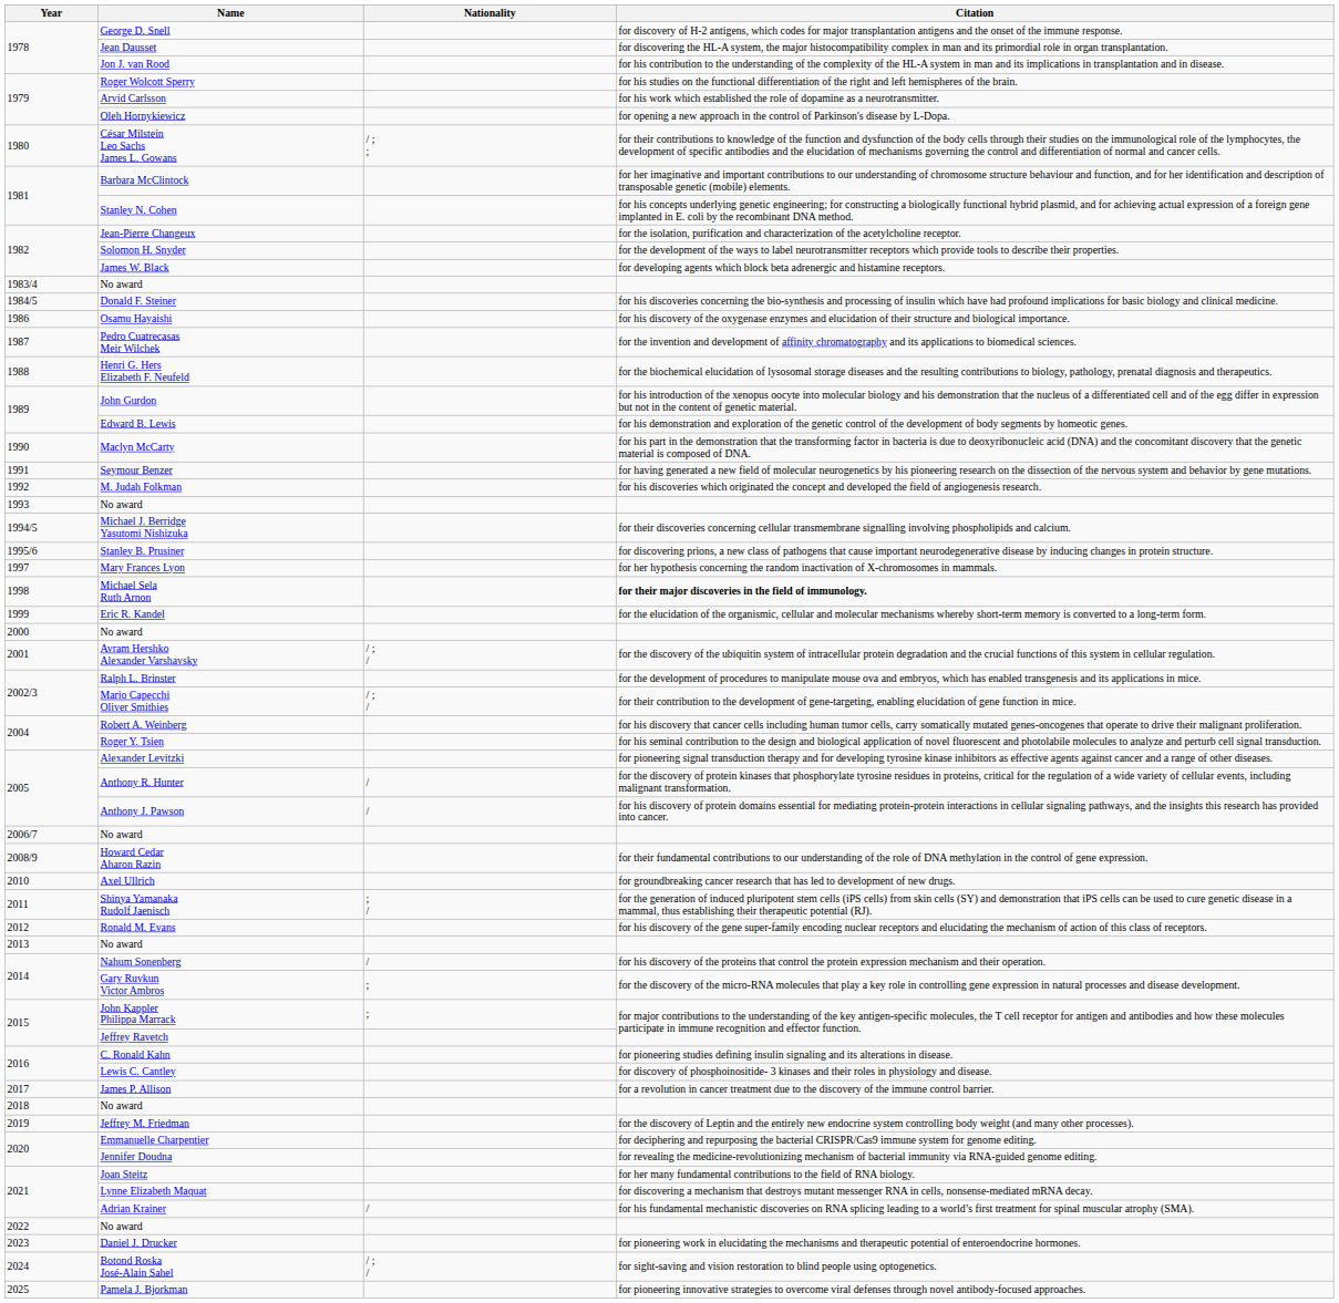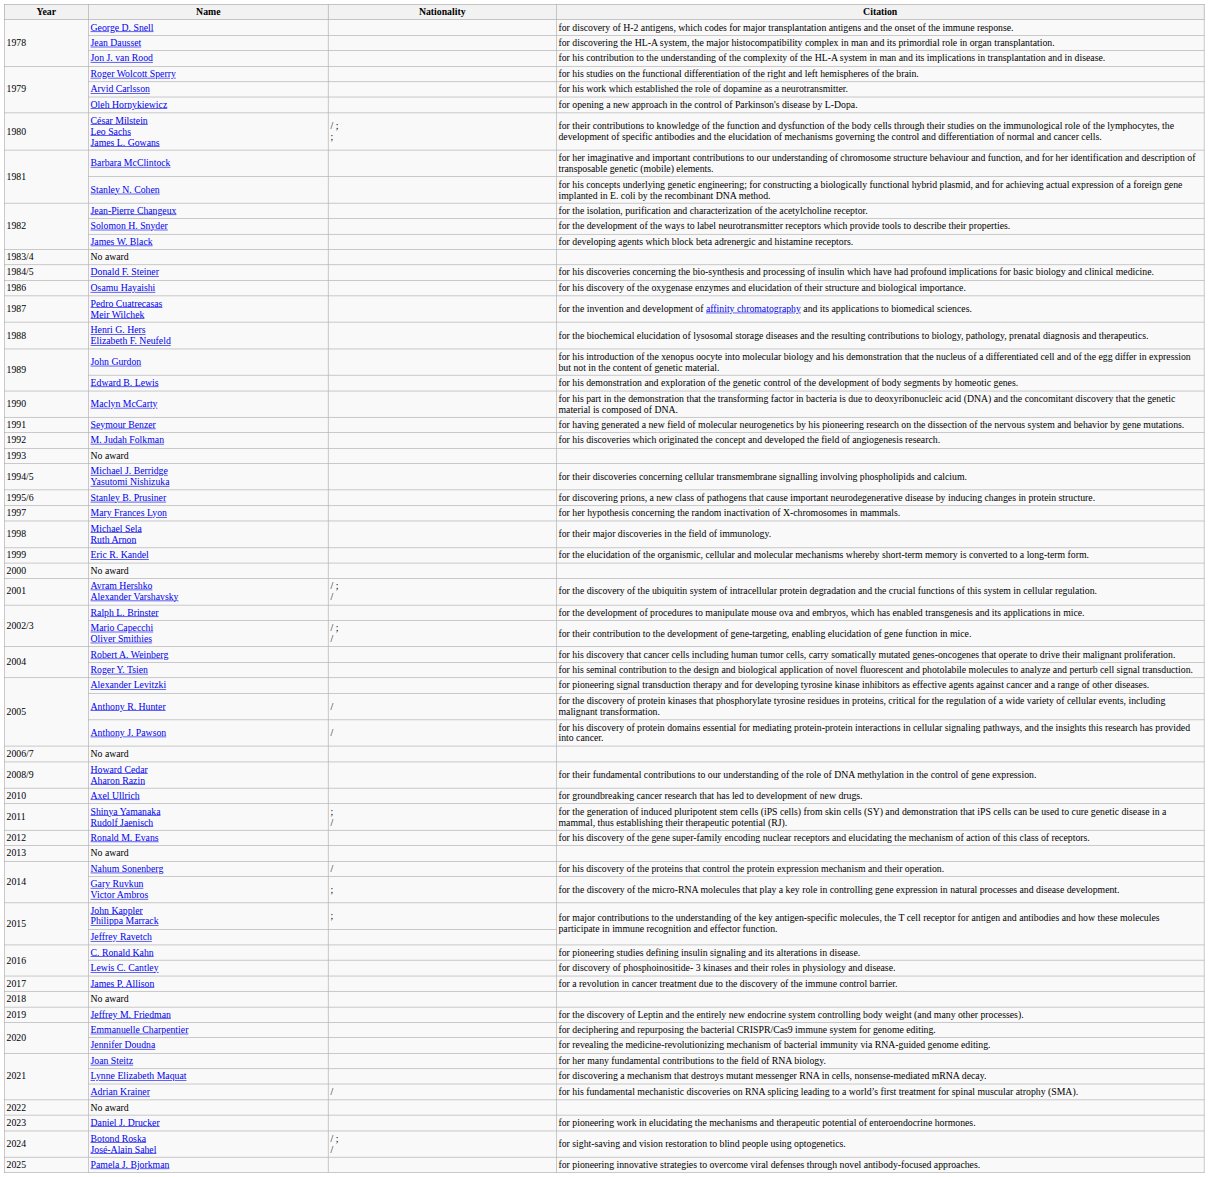 <table class="wikitable">
 <tr bgcolor="#ccccc">
 <th style="width:7%">Year</th>
 <th style="width:20%">Name</th>
 <th style="width:19%">Nationality</th>
 <th>Citation</th>
 </tr>
 <tr>
 <td rowspan=3>1978</td>
 <td><a href='#'>George D. Snell</a></td>
 <td></td>
 <td>for discovery of H-2 antigens, which codes for major transplantation antigens and the onset of the immune response.</td>
 </tr>
 <tr>
 <td><a href='#'>Jean Dausset</a></td>
 <td></td>
 <td>for discovering the HL-A system, the major histocompatibility complex in man and its primordial role in organ transplantation.</td>
 </tr>
 <tr>
 <td><a href='#'>Jon J. van Rood</a></td>
 <td></td>
 <td>for his contribution to the understanding of the complexity of the HL-A system in man and its implications in transplantation and in disease.</td>
 </tr>
 <tr>
 <td rowspan=3>1979</td>
 <td><a href='#'>Roger Wolcott Sperry</a></td>
 <td></td>
 <td>for his studies on the functional differentiation of the right and left hemispheres of the brain.</td>
 </tr>
 <tr>
 <td><a href='#'>Arvid Carlsson</a></td>
 <td></td>
 <td>for his work which established the role of dopamine as a neurotransmitter.</td>
 </tr>
 <tr>
 <td><a href='#'>Oleh Hornykiewicz</a></td>
 <td></td>
 <td>for opening a new approach in the control of Parkinson's disease by L-Dopa.</td>
 </tr>
 <tr>
 <td>1980</td>
 <td><a href='#'>César Milstein</a> <br> <a href='#'>Leo Sachs</a> <br> <a href='#'>James L. Gowans</a></td>
 <td> / ; <br> ; <br> </td>
 <td>for their contributions to knowledge of the function and dysfunction of the body cells through their studies on the immunological role of the lymphocytes, the development of specific antibodies and the elucidation of mechanisms governing the control and differentiation of normal and cancer cells.</td>
 </tr>
 <tr>
 <td rowspan=2>1981</td>
 <td><a href='#'>Barbara McClintock</a></td>
 <td></td>
 <td>for her imaginative and important contributions to our understanding of chromosome structure behaviour and function, and for her identification and description of transposable genetic (mobile) elements.</td>
 </tr>
 <tr>
 <td><a href='#'>Stanley N. Cohen</a></td>
 <td></td>
 <td>for his concepts underlying genetic engineering; for constructing a biologically functional hybrid plasmid, and for achieving actual expression of a foreign gene implanted in E. coli by the recombinant DNA method.</td>
 </tr>
 <tr>
 <td rowspan=3>1982</td>
 <td><a href='#'>Jean-Pierre Changeux</a></td>
 <td></td>
 <td>for the isolation, purification and characterization of the acetylcholine receptor.</td>
 </tr>
 <tr>
 <td><a href='#'>Solomon H. Snyder</a></td>
 <td></td>
 <td>for the development of the ways to label neurotransmitter receptors which provide tools to describe their properties.</td>
 </tr>
 <tr>
 <td><a href='#'>James W. Black</a></td>
 <td></td>
 <td>for developing agents which block beta adrenergic and histamine receptors.</td>
 </tr>
 <tr>
 <td>1983/4</td>
 <td>No award</td>
 <td></td>
 <td></td>
 </tr>
 <tr>
 <td>1984/5</td>
 <td><a href='#'>Donald F. Steiner</a></td>
 <td></td>
 <td>for his discoveries concerning the bio-synthesis and processing of insulin which have had profound implications for basic biology and clinical medicine.</td>
 </tr>
 <tr>
 <td>1986</td>
 <td><a href='#'>Osamu Hayaishi</a></td>
 <td></td>
 <td>for his discovery of the oxygenase enzymes and elucidation of their structure and biological importance.</td>
 </tr>
 <tr>
 <td>1987</td>
 <td><a href='#'>Pedro Cuatrecasas</a> <br> <a href='#'>Meir Wilchek</a></td>
 <td> <br> </td>
 <td>for the invention and development of <a href='#'>affinity chromatography</a> and its applications to biomedical sciences.</td>
 </tr>
 <tr>
 <td>1988</td>
 <td><a href='#'>Henri G. Hers</a> <br> <a href='#'>Elizabeth F. Neufeld</a></td>
 <td> <br> </td>
 <td>for the biochemical elucidation of lysosomal storage diseases and the resulting contributions to biology, pathology, prenatal diagnosis and therapeutics.</td>
 </tr>
 <tr>
 <td rowspan=2>1989</td>
 <td><a href='#'>John Gurdon</a></td>
 <td></td>
 <td>for his introduction of the xenopus oocyte into molecular biology and his demonstration that the nucleus of a differentiated cell and of the egg differ in expression but not in the content of genetic material.</td>
 </tr>
 <tr>
 <td><a href='#'>Edward B. Lewis</a></td>
 <td></td>
 <td>for his demonstration and exploration of the genetic control of the development of body segments by homeotic genes.</td>
 </tr>
 <tr>
 <td>1990</td>
 <td><a href='#'>Maclyn McCarty</a></td>
 <td></td>
 <td>for his part in the demonstration that the transforming factor in bacteria is due to deoxyribonucleic acid (DNA) and the concomitant discovery that the genetic material is composed of DNA.</td>
 </tr>
 <tr>
 <td>1991</td>
 <td><a href='#'>Seymour Benzer</a></td>
 <td></td>
 <td>for having generated a new field of molecular neurogenetics by his pioneering research on the dissection of the nervous system and behavior by gene mutations.</td>
 </tr>
 <tr>
 <td>1992</td>
 <td><a href='#'>M. Judah Folkman</a></td>
 <td></td>
 <td>for his discoveries which originated the concept and developed the field of angiogenesis research.</td>
 </tr>
 <tr>
 <td>1993</td>
 <td>No award</td>
 <td></td>
 <td></td>
 </tr>
 <tr>
 <td>1994/5</td>
 <td><a href='#'>Michael J. Berridge</a> <br> <a href='#'>Yasutomi Nishizuka</a></td>
 <td> <br> </td>
 <td>for their discoveries concerning cellular transmembrane signalling involving phospholipids and calcium.</td>
 </tr>
 <tr>
 <td>1995/6</td>
 <td><a href='#'>Stanley B. Prusiner</a></td>
 <td></td>
 <td>for discovering prions, a new class of pathogens that cause important neurodegenerative disease by inducing changes in protein structure.</td>
 </tr>
 <tr>
 <td>1997</td>
 <td><a href='#'>Mary Frances Lyon</a></td>
 <td></td>
 <td>for her hypothesis concerning the random inactivation of X-chromosomes in mammals.</td>
 </tr>
 <tr>
 <td>1998</td>
 <td><a href='#'>Michael Sela</a> <br> <a href='#'>Ruth Arnon</a></td>
 <td> <br> </td>
-<td><strong>for their major discoveries in the field of immunology.</strong></td>
+<td>for their major discoveries in the field of immunology.</td>
 </tr>
 <tr>
 <td>1999</td>
 <td><a href='#'>Eric R. Kandel</a></td>
 <td></td>
 <td>for the elucidation of the organismic, cellular and molecular mechanisms whereby short-term memory is converted to a long-term form.</td>
 </tr>
 <tr>
 <td>2000</td>
 <td>No award</td>
 <td></td>
 <td></td>
 </tr>
 <tr>
 <td>2001</td>
 <td><a href='#'>Avram Hershko</a> <br> <a href='#'>Alexander Varshavsky</a></td>
 <td> / ; <br>  / </td>
 <td>for the discovery of the ubiquitin system of intracellular protein degradation and the crucial functions of this system in cellular regulation.</td>
 </tr>
 <tr>
 <td rowspan=2>2002/3</td>
 <td><a href='#'>Ralph L. Brinster</a></td>
 <td></td>
 <td>for the development of procedures to manipulate mouse ova and embryos, which has enabled transgenesis and its applications in mice.</td>
 </tr>
 <tr>
 <td><a href='#'>Mario Capecchi</a> <br> <a href='#'>Oliver Smithies</a></td>
 <td> / ; <br>  / </td>
 <td>for their contribution to the development of gene-targeting, enabling elucidation of gene function in mice.</td>
 </tr>
 <tr>
 <td rowspan=2>2004</td>
 <td><a href='#'>Robert A. Weinberg</a></td>
 <td></td>
 <td>for his discovery that cancer cells including human tumor cells, carry somatically mutated genes-oncogenes that operate to drive their malignant proliferation.</td>
 </tr>
 <tr>
 <td><a href='#'>Roger Y. Tsien</a></td>
 <td></td>
 <td>for his seminal contribution to the design and biological application of novel fluorescent and photolabile molecules to analyze and perturb cell signal transduction.</td>
 </tr>
 <tr>
 <td rowspan=3>2005</td>
 <td><a href='#'>Alexander Levitzki</a></td>
 <td></td>
 <td>for pioneering signal transduction therapy and for developing tyrosine kinase inhibitors as effective agents against cancer and a range of other diseases.</td>
 </tr>
 <tr>
 <td><a href='#'>Anthony R. Hunter</a></td>
 <td> / </td>
 <td>for the discovery of protein kinases that phosphorylate tyrosine residues in proteins, critical for the regulation of a wide variety of cellular events, including malignant transformation.</td>
 </tr>
 <tr>
 <td><a href='#'>Anthony J. Pawson</a></td>
 <td> / </td>
 <td>for his discovery of protein domains essential for mediating protein-protein interactions in cellular signaling pathways, and the insights this research has provided into cancer.</td>
 </tr>
 <tr>
 <td>2006/7</td>
 <td>No award</td>
 <td></td>
 <td></td>
 </tr>
 <tr>
 <td>2008/9</td>
 <td><a href='#'>Howard Cedar</a> <br> <a href='#'>Aharon Razin</a></td>
 <td> <br> </td>
 <td>for their fundamental contributions to our understanding of the role of DNA methylation in the control of gene expression.</td>
 </tr>
 <tr>
 <td>2010</td>
 <td><a href='#'>Axel Ullrich</a></td>
 <td></td>
 <td>for groundbreaking cancer research that has led to development of new drugs.</td>
 </tr>
 <tr>
 <td>2011</td>
 <td><a href='#'>Shinya Yamanaka</a> <br> <a href='#'>Rudolf Jaenisch</a></td>
 <td>; <br>  / </td>
 <td>for the generation of induced pluripotent stem cells (iPS cells) from skin cells (SY) and demonstration that iPS cells can be used to cure genetic disease in a mammal, thus establishing their therapeutic potential (RJ).</td>
 </tr>
 <tr>
 <td>2012</td>
 <td><a href='#'>Ronald M. Evans</a></td>
 <td></td>
 <td>for his discovery of the gene super-family encoding nuclear receptors and elucidating the mechanism of action of this class of receptors.</td>
 </tr>
 <tr>
 <td>2013</td>
 <td>No award</td>
 <td></td>
 <td></td>
 </tr>
 <tr>
 <td rowspan=2>2014</td>
 <td><a href='#'>Nahum Sonenberg</a></td>
 <td> / </td>
 <td>for his discovery of the proteins that control the protein expression mechanism and their operation.</td>
 </tr>
 <tr>
 <td><a href='#'>Gary Ruvkun</a> <br> <a href='#'>Victor Ambros</a></td>
 <td>; <br> </td>
 <td>for the discovery of the micro-RNA molecules that play a key role in controlling gene expression in natural processes and disease development.</td>
 </tr>
 <tr>
 <td rowspan=2>2015</td>
 <td><a href='#'>John Kappler</a> <br> <a href='#'>Philippa Marrack</a></td>
 <td>; <br> </td>
 <td rowspan=2>for major contributions to the understanding of the key antigen-specific molecules, the T cell receptor for antigen and antibodies and how these molecules participate in immune recognition and effector function.</td>
 </tr>
 <tr>
 <td><a href='#'>Jeffrey Ravetch</a></td>
 <td></td>
 </tr>
 <tr>
 <td rowspan=2>2016</td>
 <td><a href='#'>C. Ronald Kahn</a></td>
 <td></td>
 <td>for pioneering studies defining insulin signaling and its alterations in disease.</td>
 </tr>
 <tr>
 <td><a href='#'>Lewis C. Cantley</a></td>
 <td></td>
 <td>for discovery of phosphoinositide- 3 kinases and their roles in physiology and disease.</td>
 </tr>
 <tr>
 <td>2017</td>
 <td><a href='#'>James P. Allison</a></td>
 <td></td>
 <td>for a revolution in cancer treatment due to the discovery of the immune control barrier.</td>
 </tr>
 <tr>
 <td>2018</td>
 <td>No award</td>
 <td></td>
 <td></td>
 </tr>
 <tr>
 <td>2019</td>
 <td><a href='#'>Jeffrey M. Friedman</a></td>
 <td></td>
 <td>for the discovery of Leptin and the entirely new endocrine system controlling body weight (and many other processes).</td>
 </tr>
 <tr>
 <td rowspan=2>2020</td>
 <td><a href='#'>Emmanuelle Charpentier</a></td>
 <td></td>
 <td>for deciphering and repurposing the bacterial CRISPR/Cas9 immune system for genome editing.</td>
 </tr>
 <tr>
 <td><a href='#'>Jennifer Doudna</a></td>
 <td></td>
 <td>for revealing the medicine-revolutionizing mechanism of bacterial immunity via RNA-guided genome editing.</td>
 </tr>
 <tr>
 <td rowspan="3">2021</td>
 <td><a href='#'>Joan Steitz</a></td>
 <td></td>
 <td>for her many fundamental contributions to the field of RNA biology.</td>
 </tr>
 <tr>
 <td><a href='#'>Lynne Elizabeth Maquat</a></td>
 <td></td>
 <td>for discovering a mechanism that destroys mutant messenger RNA in cells, nonsense-mediated mRNA decay.</td>
 </tr>
 <tr>
 <td><a href='#'>Adrian Krainer</a></td>
 <td> / </td>
 <td>for his fundamental mechanistic discoveries on RNA splicing leading to a world’s first treatment for spinal muscular atrophy (SMA).</td>
 </tr>
 <tr>
 <td>2022</td>
 <td>No award</td>
 <td></td>
 <td></td>
 </tr>
 <tr>
 <td>2023</td>
 <td><a href='#'>Daniel J. Drucker</a></td>
 <td></td>
 <td>for pioneering work in elucidating the mechanisms and therapeutic potential of enteroendocrine hormones.</td>
 </tr>
 <tr>
 <td>2024</td>
 <td><a href='#'>Botond Roska</a> <br> <a href='#'>José-Alain Sahel</a></td>
 <td> / ; <br> / </td>
 <td>for sight-saving and vision restoration to blind people using optogenetics.</td>
 </tr>
 <tr>
 <td>2025</td>
 <td><a href='#'>Pamela J. Bjorkman</a></td>
 <td></td>
 <td>for pioneering innovative strategies to overcome viral defenses through novel antibody-focused approaches.</td>
 </tr>
 </table>
